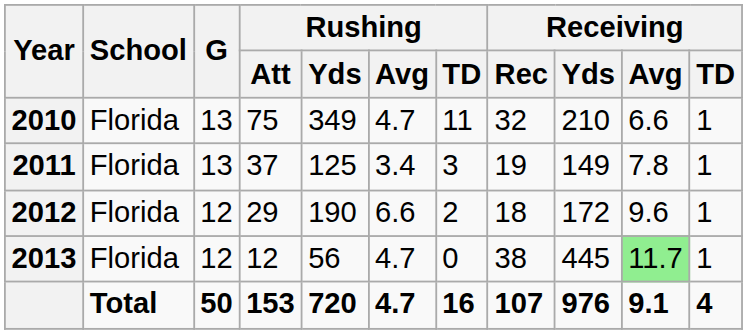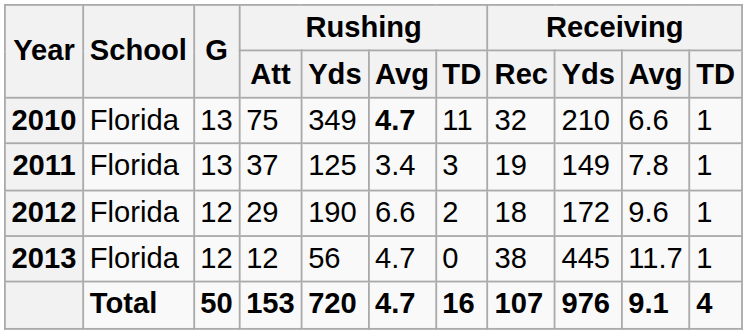 <table class="wikitable sortable">
 <tr>
 <th rowspan="2">Year</th>
 <th rowspan="2">School</th>
 <th rowspan="2">G</th>
 <th colspan="4">Rushing</th>
 <th colspan="4">Receiving</th>
 </tr>
 <tr>
 <th>Att</th>
 <th>Yds</th>
 <th>Avg</th>
 <th>TD</th>
 <th>Rec</th>
 <th>Yds</th>
 <th>Avg</th>
 <th>TD</th>
 </tr>
 <tr>
 <th>2010</th>
 <td>Florida</td>
 <td>13</td>
 <td>75</td>
 <td>349</td>
-<td>4.7</td>
+<td><strong>4.7</strong></td>
 <td>11</td>
 <td>32</td>
 <td>210</td>
 <td>6.6</td>
 <td>1</td>
 </tr>
 <tr>
 <th>2011</th>
 <td>Florida</td>
 <td>13</td>
 <td>37</td>
 <td>125</td>
 <td>3.4</td>
 <td>3</td>
 <td>19</td>
 <td>149</td>
 <td>7.8</td>
 <td>1</td>
 </tr>
 <tr>
 <th>2012</th>
 <td>Florida</td>
 <td>12</td>
 <td>29</td>
 <td>190</td>
 <td>6.6</td>
 <td>2</td>
 <td>18</td>
 <td>172</td>
 <td>9.6</td>
 <td>1</td>
 </tr>
 <tr>
 <th>2013</th>
 <td>Florida</td>
 <td>12</td>
 <td>12</td>
 <td>56</td>
 <td>4.7</td>
 <td>0</td>
 <td>38</td>
 <td>445</td>
-<td style="background: lightgreen;">11.7</td>
+<td>11.7</td>
 <td>1</td>
 </tr>
 <tr>
 <th><strong></strong></th>
 <td><strong>Total</strong></td>
 <td><strong>50</strong></td>
 <td><strong>153</strong></td>
 <td><strong>720</strong></td>
 <td><strong>4.7</strong></td>
 <td><strong>16</strong></td>
 <td><strong>107</strong></td>
 <td><strong>976</strong></td>
 <td><strong>9.1</strong></td>
 <td><strong>4</strong></td>
 </tr>
 </table>
